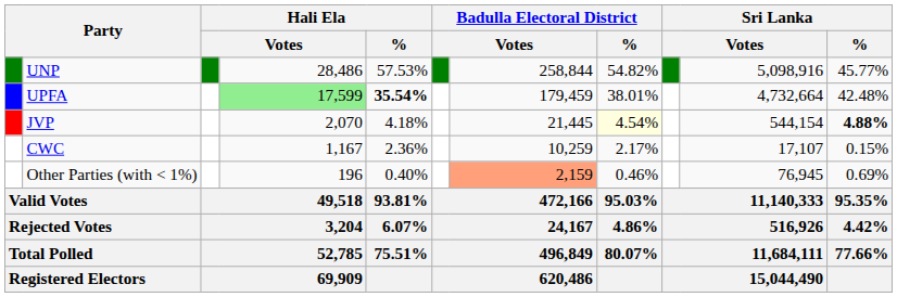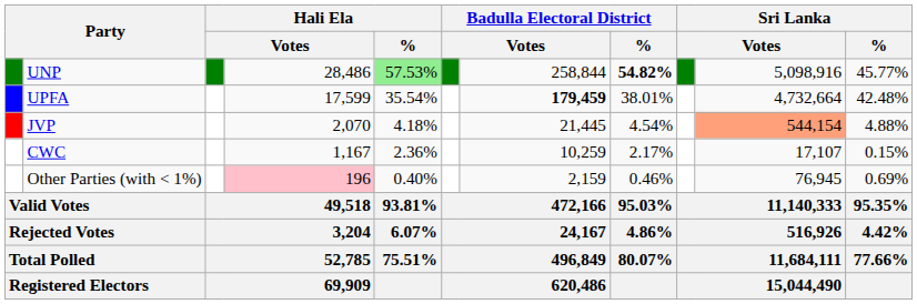 <table class="wikitable">
 <tr>
 <th colspan="2" width="144px"rowspan="2">Party</th>
 <th colspan="3" width="216px">Hali Ela</th>
 <th colspan="3" width="216px"><a href='#'>Badulla Electoral District</a></th>
 <th colspan="3" width="216px">Sri Lanka</th>
 </tr>
 <tr>
 <th colspan="2" width="144px">Votes</th>
 <th>%</th>
 <th colspan="2" width="144px">Votes</th>
 <th>%</th>
 <th colspan="2" width="144px">Votes</th>
 <th>%</th>
 </tr>
 <tr>
 <td style="background-color:green;" width="10px"></td>
 <td style="text-align:left;"><a href='#'>UNP</a></td>
 <td style="background-color:green;" width="10px"></td>
 <td style="text-align:right;">28,486</td>
-<td style="text-align:right;">57.53%</td>
+<td style="background: lightgreen; text-align:right;">57.53%</td>
 <td style="background-color:green;" width="10px"></td>
 <td style="text-align:right;">258,844</td>
-<td style="text-align:right;">54.82%</td>
+<td style="text-align:right;"><strong>54.82%</strong></td>
 <td style="background-color:green;" width="10px"></td>
 <td style="text-align:right;">5,098,916</td>
 <td style="text-align:right;">45.77%</td>
 </tr>
 <tr>
 <td style="background-color:blue;" width="10px"></td>
 <td style="text-align:left;"><a href='#'>UPFA</a></td>
 <td style="background-color:white;" width="10px"></td>
-<td style="background: lightgreen; text-align:right;">17,599</td>
-<td style="text-align:right;"><strong>35.54%</strong></td>
+<td style="text-align:right;">17,599</td>
+<td style="text-align:right;">35.54%</td>
 <td style="background-color:white;" width="10px"></td>
-<td style="text-align:right;">179,459</td>
+<td style="text-align:right;"><strong>179,459</strong></td>
 <td style="text-align:right;">38.01%</td>
 <td style="background-color:white;" width="10px"></td>
 <td style="text-align:right;">4,732,664</td>
 <td style="text-align:right;">42.48%</td>
 </tr>
 <tr>
 <td style="background-color:red;" width="10px"></td>
 <td style="text-align:left;"><a href='#'>JVP</a></td>
 <td style="background-color:white;" width="10px"></td>
 <td style="text-align:right;">2,070</td>
 <td style="text-align:right;">4.18%</td>
 <td style="background-color:white;" width="10px"></td>
 <td style="text-align:right;">21,445</td>
-<td style="background: lightyellow; text-align:right;">4.54%</td>
+<td style="text-align:right;">4.54%</td>
 <td style="background-color:white;" width="10px"></td>
-<td style="text-align:right;">544,154</td>
-<td style="text-align:right;"><strong>4.88%</strong></td>
+<td style="background: lightsalmon; text-align:right;">544,154</td>
+<td style="text-align:right;">4.88%</td>
 </tr>
 <tr>
 <td style="background-color:white;" width="10px"></td>
 <td style="text-align:left;"><a href='#'>CWC</a></td>
 <td style="background-color:white;" width="10px"></td>
 <td style="text-align:right;">1,167</td>
 <td style="text-align:right;">2.36%</td>
 <td style="background-color:white;" width="10px"></td>
 <td style="text-align:right;">10,259</td>
 <td style="text-align:right;">2.17%</td>
 <td style="background-color:white;" width="10px"></td>
 <td style="text-align:right;">17,107</td>
 <td style="text-align:right;">0.15%</td>
 </tr>
 <tr>
 <td style="background-color:white;" width="10px"></td>
 <td style="text-align:left;">Other Parties (with < 1%)</td>
 <td style="background-color:white;" width="10px"></td>
-<td style="text-align:right;">196</td>
+<td style="background: pink; text-align:right;">196</td>
 <td style="text-align:right;">0.40%</td>
 <td style="background-color:white;" width="10px"></td>
-<td style="background: lightsalmon; text-align:right;">2,159</td>
+<td style="text-align:right;">2,159</td>
 <td style="text-align:right;">0.46%</td>
 <td style="background-color:white;" width="10px"></td>
 <td style="text-align:right;">76,945</td>
 <td style="text-align:right;">0.69%</td>
 </tr>
 <tr>
 <th colspan="2" width="144px"style="text-align:left;">Valid Votes</th>
 <th style="text-align:right;"colspan="2" width="144px">49,518</th>
 <th style="text-align:right;">93.81%</th>
 <th style="text-align:right;"colspan="2" width="144px">472,166</th>
 <th style="text-align:right;">95.03%</th>
 <th style="text-align:right;"colspan="2" width="144px">11,140,333</th>
 <th style="text-align:right;">95.35%</th>
 </tr>
 <tr>
 <th colspan="2" width="144px"style="text-align:left;">Rejected Votes</th>
 <th style="text-align:right;"colspan="2" width="144px">3,204</th>
 <th style="text-align:right;">6.07%</th>
 <th style="text-align:right;"colspan="2" width="144px">24,167</th>
 <th style="text-align:right;">4.86%</th>
 <th style="text-align:right;"colspan="2" width="144px">516,926</th>
 <th style="text-align:right;">4.42%</th>
 </tr>
 <tr>
 <th colspan="2" width="144px"style="text-align:left;">Total Polled</th>
 <th style="text-align:right;"colspan="2" width="144px">52,785</th>
 <th style="text-align:right;">75.51%</th>
 <th style="text-align:right;"colspan="2" width="144px">496,849</th>
 <th style="text-align:right;">80.07%</th>
 <th style="text-align:right;"colspan="2" width="144px">11,684,111</th>
 <th style="text-align:right;">77.66%</th>
 </tr>
 <tr>
 <th colspan="2" width="144px"style="text-align:left;">Registered Electors</th>
 <th style="text-align:right;"colspan="2" width="144px">69,909</th>
 <th></th>
 <th style="text-align:right;"colspan="2" width="144px">620,486</th>
 <th></th>
 <th style="text-align:right;"colspan="2" width="144px">15,044,490</th>
 <th></th>
 </tr>
 </table>
